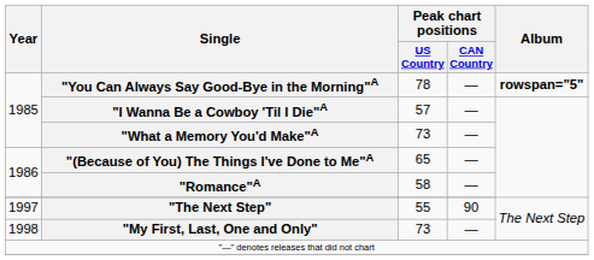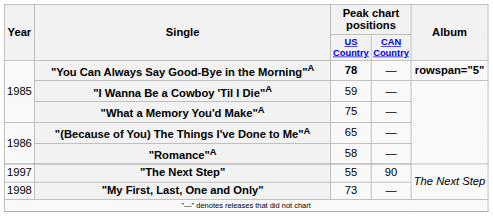 <table class="wikitable plainrowheaders" style="text-align:center;">
 <tr>
 <th rowspan="2">Year</th>
 <th rowspan="2" style="width:26em;">Single</th>
 <th colspan="2">Peak chart<br>positions</th>
 <th rowspan="2">Album</th>
 </tr>
 <tr style="font-size:smaller;">
 <th width="45"><a href='#'>US Country</a></th>
 <th width="45"><a href='#'>CAN Country</a></th>
 </tr>
 <tr>
 <td rowspan="3">1985</td>
 <th scope="row">"You Can Always Say Good-Bye in the Morning"<sup>A</sup></th>
-<td>78</td>
+<td><strong>78</strong></td>
 <td>—</td>
 <td><strong>rowspan="5" </strong></td>
 </tr>
 <tr>
 <th scope="row">"I Wanna Be a Cowboy 'Til I Die"<sup>A</sup></th>
-<td>57</td>
+<td>59</td>
 <td>—</td>
 </tr>
 <tr>
 <th scope="row">"What a Memory You'd Make"<sup>A</sup></th>
-<td>73</td>
+<td>75</td>
 <td>—</td>
 </tr>
 <tr>
 <td rowspan="2">1986</td>
 <th scope="row">"(Because of You) The Things I've Done to Me"<sup>A</sup></th>
 <td>65</td>
 <td>—</td>
 </tr>
 <tr>
 <th scope="row">"Romance"<sup>A</sup></th>
 <td>58</td>
 <td>—</td>
 </tr>
 <tr>
 </tr>
 <tr>
 <td>1997</td>
 <th scope="row">"The Next Step"</th>
 <td>55</td>
 <td>90</td>
 <td align="left" rowspan="2"><em>The Next Step</em></td>
 </tr>
 <tr>
 <td>1998</td>
 <th scope="row">"My First, Last, One and Only"</th>
 <td>73</td>
 <td>—</td>
 </tr>
 <tr>
 <td colspan="5" style="font-size:8pt">"—" denotes releases that did not chart</td>
 </tr>
 <tr>
 </tr>
 </table>
